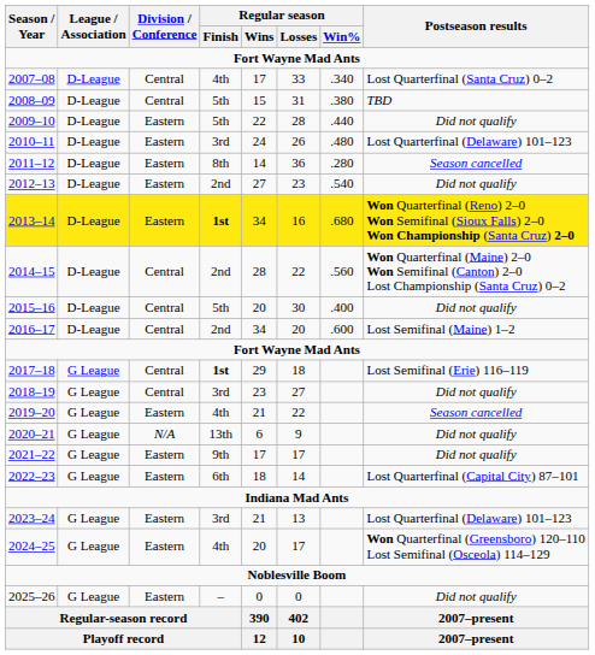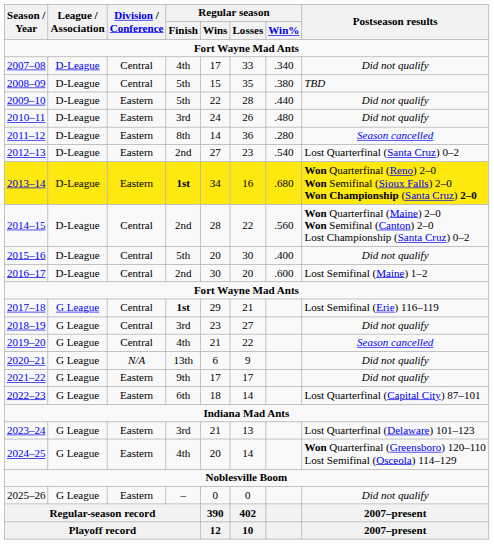 <table class="wikitable" style="text-align:center;">
 <tr>
 <th scope="col" rowspan=2>Season /<br>Year</th>
 <th scope="col" rowspan=2>League /<br>Association</th>
 <th scope="col" rowspan=2><a href='#'>Division</a> /<br><a href='#'>Conference</a></th>
 <th scope="col" colspan=4>Regular season</th>
 <th scope="col" rowspan=2>Postseason results</th>
 </tr>
 <tr>
 <th scope="col">Finish</th>
 <th scope="col">Wins</th>
 <th scope="col">Losses</th>
 <th scope="col"><a href='#'>Win%</a></th>
 </tr>
 <tr>
 <td colspan=12><strong>Fort Wayne Mad Ants</strong></td>
 </tr>
 <tr>
 <td><a href='#'>2007–08</a></td>
 <td><a href='#'>D-League</a></td>
 <td>Central</td>
 <td>4th</td>
 <td>17</td>
 <td>33</td>
 <td>.340</td>
-<td align=left>Lost Quarterfinal (<a href='#'>Santa Cruz</a>) 0–2</td>
+<td><em>Did not qualify</em></td>
 </tr>
 <tr>
 <td><a href='#'>2008–09</a></td>
 <td>D-League</td>
 <td>Central</td>
 <td>5th</td>
 <td>15</td>
-<td>31</td>
+<td>35</td>
 <td>.380</td>
 <td align=left><em>TBD</em></td>
 </tr>
 <tr>
 <td><a href='#'>2009–10</a></td>
 <td>D-League</td>
 <td>Eastern</td>
 <td>5th</td>
 <td>22</td>
 <td>28</td>
 <td>.440</td>
 <td><em>Did not qualify</em></td>
 </tr>
 <tr>
 <td><a href='#'>2010–11</a></td>
 <td>D-League</td>
 <td>Eastern</td>
 <td>3rd</td>
 <td>24</td>
 <td>26</td>
 <td>.480</td>
-<td align=left>Lost Quarterfinal (<a href='#'>Delaware</a>) 101–123</td>
+<td><em>Did not qualify</em></td>
 </tr>
 <tr>
 <td><a href='#'>2011–12</a></td>
 <td>D-League</td>
 <td>Eastern</td>
 <td>8th</td>
 <td>14</td>
 <td>36</td>
 <td>.280</td>
 <td><em><a href='#'>Season cancelled</a></em></td>
 </tr>
 <tr>
 <td><a href='#'>2012–13</a></td>
 <td>D-League</td>
 <td>Eastern</td>
 <td>2nd</td>
 <td>27</td>
 <td>23</td>
 <td>.540</td>
-<td><em>Did not qualify</em></td>
+<td align=left>Lost Quarterfinal (<a href='#'>Santa Cruz</a>) 0–2</td>
 </tr>
 <tr style="background:#fde910;">
 <td><a href='#'>2013–14</a></td>
 <td>D-League</td>
 <td>Eastern</td>
 <td><strong>1st</strong></td>
 <td>34</td>
 <td>16</td>
 <td>.680</td>
 <td align=left><strong>Won</strong> Quarterfinal (<a href='#'>Reno</a>) 2–0<br><strong>Won</strong> Semifinal (<a href='#'>Sioux Falls</a>) 2–0<br><strong>Won Championship</strong> (<a href='#'>Santa Cruz</a>) <strong>2–0</strong></td>
 </tr>
 <tr>
 <td><a href='#'>2014–15</a></td>
 <td>D-League</td>
 <td>Central</td>
 <td>2nd</td>
 <td>28</td>
 <td>22</td>
 <td>.560</td>
 <td align=left><strong>Won</strong> Quarterfinal (<a href='#'>Maine</a>) 2–0<br><strong>Won</strong> Semifinal (<a href='#'>Canton</a>) 2–0<br>Lost Championship (<a href='#'>Santa Cruz</a>) 0–2</td>
 </tr>
 <tr>
 <td><a href='#'>2015–16</a></td>
 <td>D-League</td>
 <td>Central</td>
 <td>5th</td>
 <td>20</td>
 <td>30</td>
 <td>.400</td>
 <td><em>Did not qualify</em></td>
 </tr>
 <tr>
 <td><a href='#'>2016–17</a></td>
 <td>D-League</td>
 <td>Central</td>
 <td>2nd</td>
-<td>34</td>
+<td>30</td>
 <td>20</td>
 <td>.600</td>
 <td align=left>Lost Semifinal (<a href='#'>Maine</a>) 1–2</td>
 </tr>
 <tr>
 <td colspan=12><strong>Fort Wayne Mad Ants</strong></td>
 </tr>
 <tr>
 <td><a href='#'>2017–18</a></td>
 <td><a href='#'>G League</a></td>
 <td>Central</td>
 <td><strong>1st</strong></td>
 <td>29</td>
-<td>18</td>
+<td>21</td>
 <td></td>
 <td align=left>Lost Semifinal (<a href='#'>Erie</a>) 116–119</td>
 </tr>
 <tr>
 <td><a href='#'>2018–19</a></td>
 <td>G League</td>
 <td>Central</td>
 <td>3rd</td>
 <td>23</td>
 <td>27</td>
 <td></td>
 <td><em>Did not qualify</em></td>
 </tr>
 <tr>
 <td><a href='#'>2019–20</a></td>
 <td>G League</td>
-<td>Eastern</td>
+<td>Central</td>
 <td>4th</td>
 <td>21</td>
 <td>22</td>
 <td></td>
 <td><em><a href='#'>Season cancelled</a></em></td>
 </tr>
 <tr>
 <td><a href='#'>2020–21</a></td>
 <td>G League</td>
 <td><em>N/A</em></td>
 <td>13th</td>
 <td>6</td>
 <td>9</td>
 <td></td>
 <td><em>Did not qualify</em></td>
 </tr>
 <tr>
 <td><a href='#'>2021–22</a></td>
 <td>G League</td>
 <td>Eastern</td>
 <td>9th</td>
 <td>17</td>
 <td>17</td>
 <td></td>
 <td><em>Did not qualify</em></td>
 </tr>
 <tr>
 <td><a href='#'>2022–23</a></td>
 <td>G League</td>
 <td>Eastern</td>
 <td>6th</td>
 <td>18</td>
 <td>14</td>
 <td></td>
 <td align=left>Lost Quarterfinal (<a href='#'>Capital City</a>) 87–101</td>
 </tr>
 <tr>
 <td colspan=12><strong>Indiana Mad Ants</strong></td>
 </tr>
 <tr>
 <td><a href='#'>2023–24</a></td>
 <td>G League</td>
 <td>Eastern</td>
 <td>3rd</td>
 <td>21</td>
 <td>13</td>
 <td></td>
 <td align=left>Lost Quarterfinal (<a href='#'>Delaware</a>) 101–123</td>
 </tr>
 <tr>
 <td><a href='#'>2024–25</a></td>
 <td>G League</td>
 <td>Eastern</td>
 <td>4th</td>
 <td>20</td>
-<td>17</td>
+<td>14</td>
 <td></td>
 <td align=left><strong>Won</strong> Quarterfinal (<a href='#'>Greensboro</a>) 120–110<br>Lost Semifinal (<a href='#'>Osceola</a>) 114–129</td>
 </tr>
 <tr>
 <td colspan=12><strong>Noblesville Boom</strong></td>
 </tr>
 <tr>
 <td>2025–26</td>
 <td>G League</td>
 <td>Eastern</td>
 <td>–</td>
 <td>0</td>
 <td>0</td>
 <td></td>
 <td><em>Did not qualify</em></td>
 </tr>
 <tr>
 <th colspan=4>Regular-season record</th>
 <th>390</th>
 <th>402</th>
 <th></th>
 <th>2007–present</th>
 </tr>
 <tr>
 <th colspan=4>Playoff record</th>
 <th>12</th>
 <th>10</th>
 <th></th>
 <th>2007–present</th>
 </tr>
 </table>
